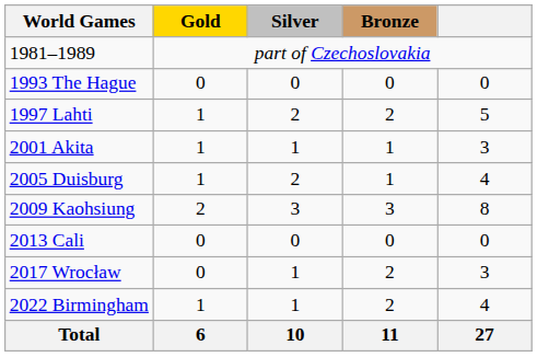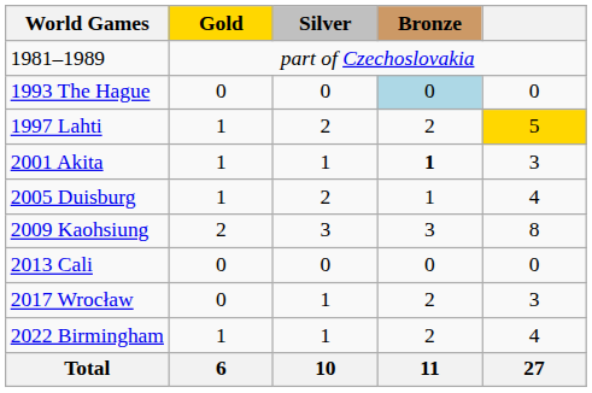 <table class="wikitable" style="text-align:center; font-size:90%;">
 <tr>
 <th>World Games</th>
 <td style="background:gold; width:4.5em; font-weight:bold;">Gold<br></td>
 <td style="background:silver; width:4.5em; font-weight:bold;">Silver<br></td>
 <td style="background:#cc9966; width:4.5em; font-weight:bold;">Bronze<br></td>
 <th style="width:4.5em; font-weight:bold;"></th>
 </tr>
 <tr>
 <td align=left>1981–1989</td>
 <td colspan=4><em>part of  <a href='#'>Czechoslovakia</a></em></td>
 </tr>
 <tr>
 <td align=left> <a href='#'>1993 The Hague</a></td>
 <td>0</td>
 <td>0</td>
-<td>0</td>
+<td style="background: lightblue;">0</td>
 <td>0</td>
 </tr>
 <tr>
 <td align=left> <a href='#'>1997 Lahti</a></td>
 <td>1</td>
 <td>2</td>
 <td>2</td>
-<td>5</td>
+<td style="background: gold;">5</td>
 </tr>
 <tr>
 <td align=left> <a href='#'>2001 Akita</a></td>
 <td>1</td>
 <td>1</td>
-<td>1</td>
+<td><strong>1</strong></td>
 <td>3</td>
 </tr>
 <tr>
 <td align=left> <a href='#'>2005 Duisburg</a></td>
 <td>1</td>
 <td>2</td>
 <td>1</td>
 <td>4</td>
 </tr>
 <tr>
 <td align=left> <a href='#'>2009 Kaohsiung</a></td>
 <td>2</td>
 <td>3</td>
 <td>3</td>
 <td>8</td>
 </tr>
 <tr>
 <td align=left> <a href='#'>2013 Cali</a></td>
 <td>0</td>
 <td>0</td>
 <td>0</td>
 <td>0</td>
 </tr>
 <tr>
 <td align=left> <a href='#'>2017 Wrocław</a></td>
 <td>0</td>
 <td>1</td>
 <td>2</td>
 <td>3</td>
 </tr>
 <tr>
 <td align=left> <a href='#'>2022 Birmingham</a></td>
 <td>1</td>
 <td>1</td>
 <td>2</td>
 <td>4</td>
 </tr>
 <tr>
 <th>Total</th>
 <th>6</th>
 <th>10</th>
 <th>11</th>
 <th>27</th>
 </tr>
 </table>
